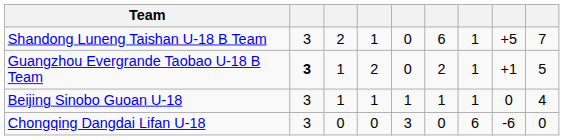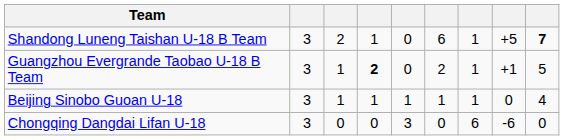 <table class="wikitable" style="text-align:center;">
 <tr>
 <th width=310>Team</th>
 <th width=30></th>
 <th width=30></th>
 <th width=30></th>
 <th width=30></th>
 <th width=30></th>
 <th width=30></th>
 <th width=30></th>
 <th width=30></th>
 </tr>
 <tr style=>
 <td align="left"><a href='#'>Shandong Luneng Taishan U-18 B Team</a></td>
 <td>3</td>
 <td>2</td>
 <td>1</td>
 <td>0</td>
 <td>6</td>
 <td>1</td>
 <td>+5</td>
-<td>7</td>
+<td><strong>7</strong></td>
 </tr>
 <tr style=>
 <td align="left"><a href='#'>Guangzhou Evergrande Taobao U-18 B Team</a></td>
-<td><strong>3</strong></td>
+<td>3</td>
 <td>1</td>
-<td>2</td>
+<td><strong>2</strong></td>
 <td>0</td>
 <td>2</td>
 <td>1</td>
 <td>+1</td>
 <td>5</td>
 </tr>
 <tr style=>
 <td align="left"><a href='#'>Beijing Sinobo Guoan U-18</a></td>
 <td>3</td>
 <td>1</td>
 <td>1</td>
 <td>1</td>
 <td>1</td>
 <td>1</td>
 <td>0</td>
 <td>4</td>
 </tr>
 <tr style=>
 <td align="left"><a href='#'>Chongqing Dangdai Lifan U-18</a></td>
 <td>3</td>
 <td>0</td>
 <td>0</td>
 <td>3</td>
 <td>0</td>
 <td>6</td>
 <td>-6</td>
 <td>0</td>
 </tr>
 </table>
